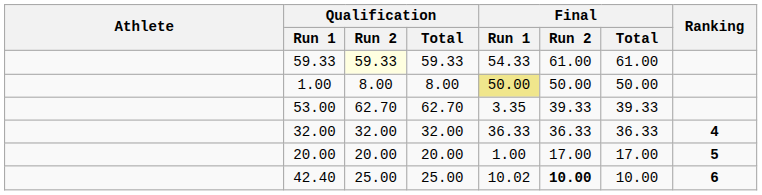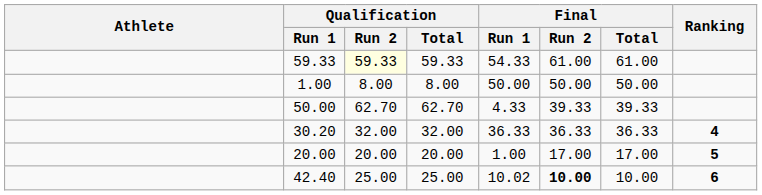 <table class=wikitable style="text-align:center">
 <tr>
 <th rowspan=2 width=250>Athlete</th>
 <th colspan=3>Qualification</th>
 <th colspan=3>Final</th>
 <th rowspan=2 width=70>Ranking</th>
 </tr>
 <tr>
 <th width=50>Run 1</th>
 <th width=50>Run 2</th>
 <th width=60>Total</th>
 <th width=50>Run 1</th>
 <th width=50>Run 2</th>
 <th width=60>Total</th>
 </tr>
 <tr>
 <td align=left></td>
 <td>59.33</td>
 <td style="background: lightyellow;">59.33</td>
 <td>59.33</td>
 <td>54.33</td>
 <td>61.00</td>
 <td>61.00</td>
 <td></td>
 </tr>
 <tr>
 <td align=left></td>
 <td>1.00</td>
 <td>8.00</td>
 <td>8.00</td>
-<td style="background: khaki;">50.00</td>
+<td>50.00</td>
 <td>50.00</td>
 <td>50.00</td>
 <td></td>
 </tr>
 <tr>
 <td align=left></td>
-<td>53.00</td>
+<td>50.00</td>
 <td>62.70</td>
 <td>62.70</td>
-<td>3.35</td>
+<td>4.33</td>
 <td>39.33</td>
 <td>39.33</td>
 <td></td>
 </tr>
 <tr>
 <td align=left></td>
-<td>32.00</td>
+<td>30.20</td>
 <td>32.00</td>
 <td>32.00</td>
 <td>36.33</td>
 <td>36.33</td>
 <td>36.33</td>
 <td><strong>4</strong></td>
 </tr>
 <tr>
 <td align=left></td>
 <td>20.00</td>
 <td>20.00</td>
 <td>20.00</td>
 <td>1.00</td>
 <td>17.00</td>
 <td>17.00</td>
 <td><strong>5</strong></td>
 </tr>
 <tr>
 <td align=left></td>
 <td>42.40</td>
 <td>25.00</td>
 <td>25.00</td>
 <td>10.02</td>
 <td><strong>10.00</strong></td>
 <td>10.00</td>
 <td><strong>6</strong></td>
 </tr>
 </table>
